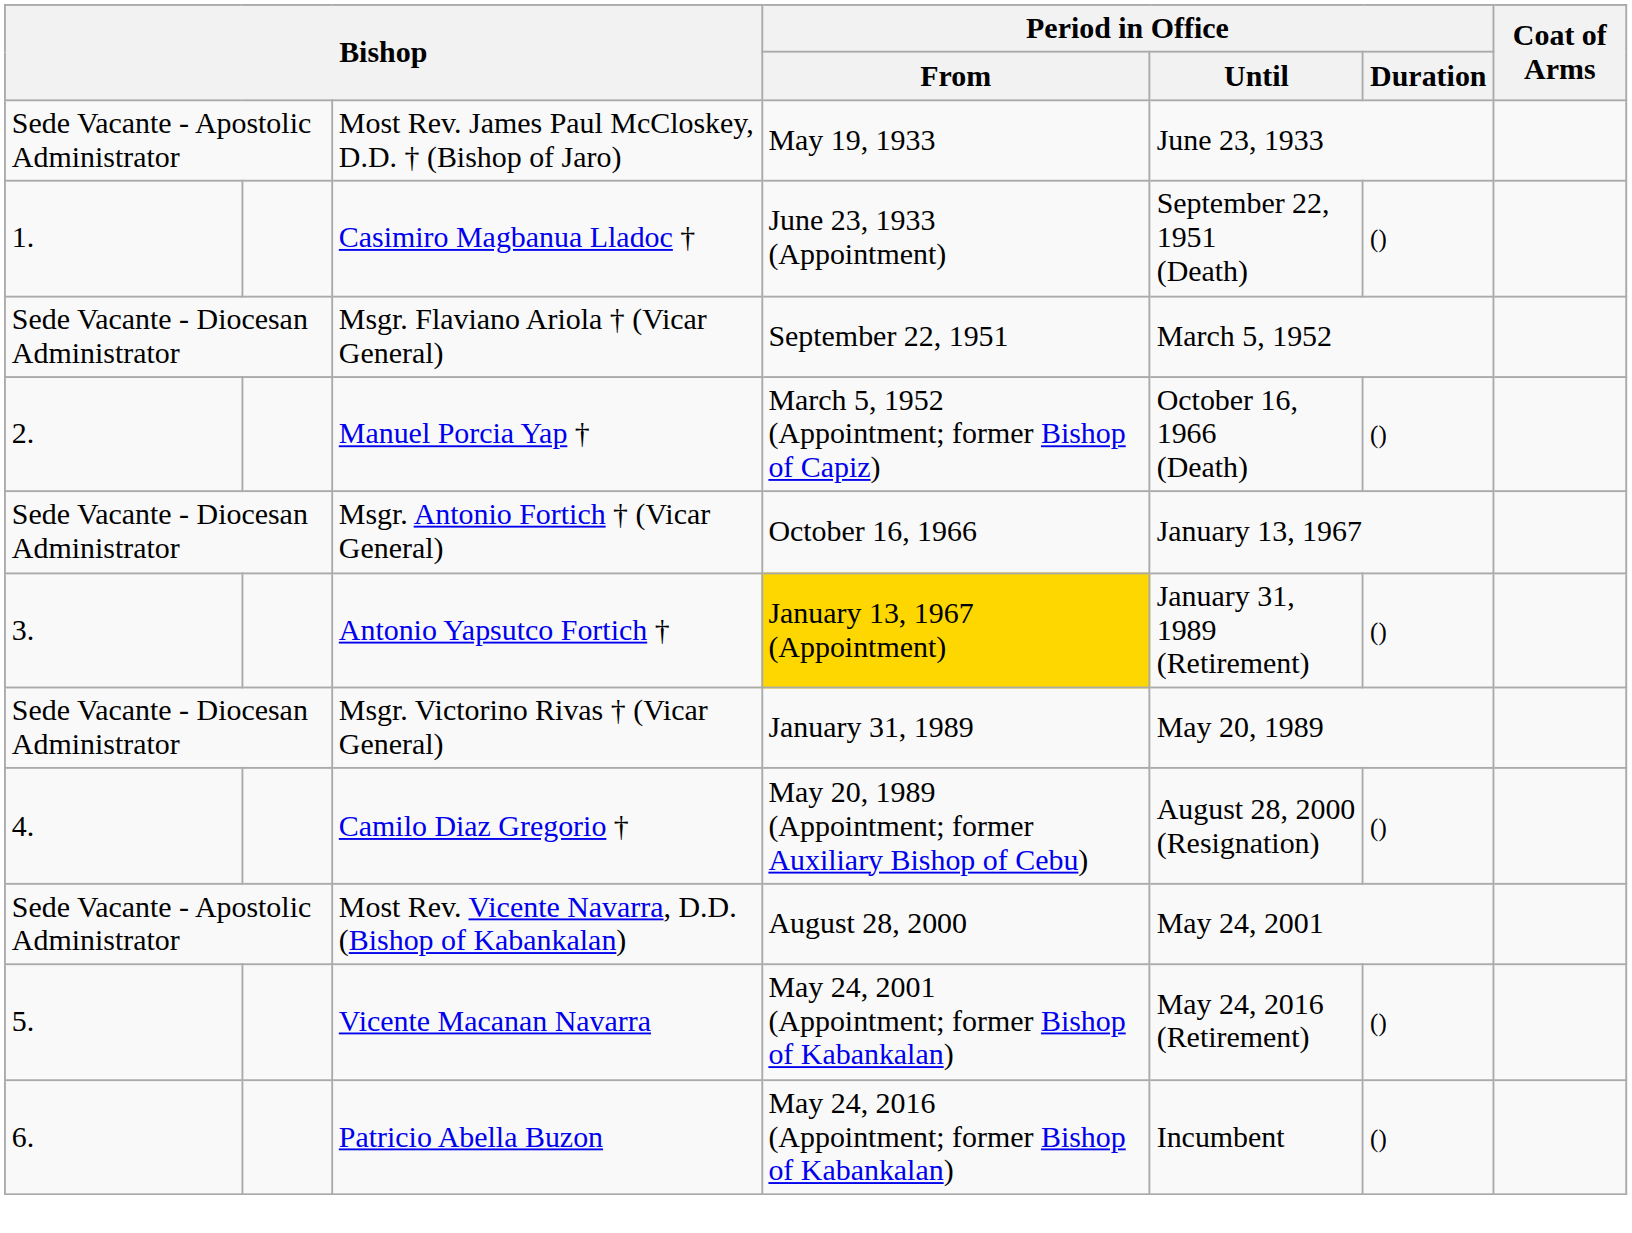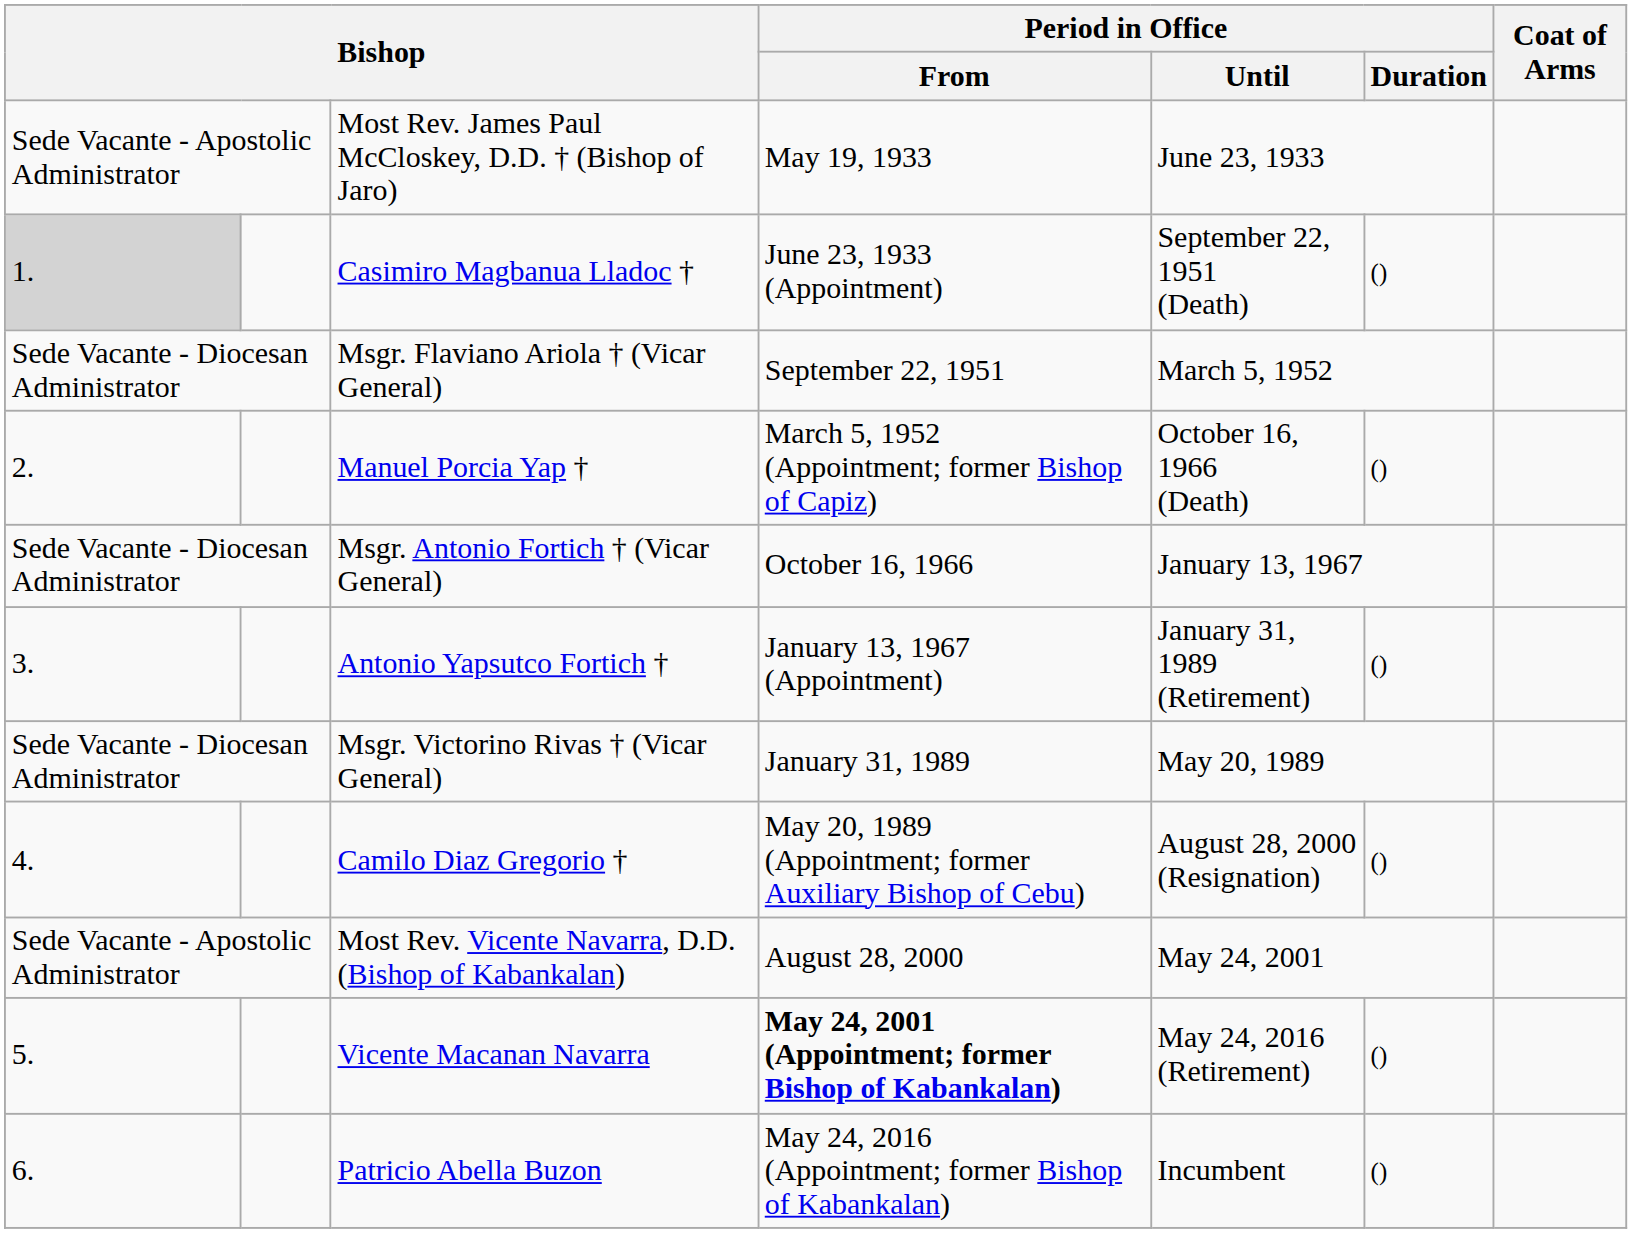 <table class="wikitable">
 <tr>
 <th colspan="3" rowspan="2">Bishop</th>
 <th colspan="3">Period in Office</th>
 <th rowspan="2">Coat of Arms</th>
 </tr>
 <tr>
 <th>From</th>
 <th>Until</th>
 <th>Duration</th>
 </tr>
 <tr>
 <td colspan="2">Sede Vacante - Apostolic Administrator</td>
 <td>Most Rev. James Paul McCloskey, D.D. † (Bishop of Jaro)</td>
 <td>May 19, 1933</td>
 <td colspan="2">June 23, 1933</td>
 <td></td>
 </tr>
 <tr>
-<td>1.</td>
+<td style="background: lightgrey;">1.</td>
 <td></td>
 <td><a href='#'>Casimiro Magbanua Lladoc</a> †</td>
 <td>June 23, 1933<br>(Appointment)</td>
 <td>September 22, 1951<br>(Death)</td>
 <td><small>()</small></td>
 <td></td>
 </tr>
 <tr>
 <td colspan="2">Sede Vacante - Diocesan Administrator</td>
 <td>Msgr. Flaviano Ariola † (Vicar General)</td>
 <td>September 22, 1951</td>
 <td colspan="2">March 5, 1952</td>
 <td></td>
 </tr>
 <tr>
 <td>2.</td>
 <td></td>
 <td><a href='#'>Manuel Porcia Yap</a> †</td>
 <td>March 5, 1952<br>(Appointment; former <a href='#'>Bishop of Capiz</a>)</td>
 <td>October 16, 1966<br>(Death)</td>
 <td><small>()</small></td>
 <td></td>
 </tr>
 <tr>
 <td colspan="2">Sede Vacante - Diocesan Administrator</td>
 <td>Msgr. <a href='#'>Antonio Fortich</a> † (Vicar General)</td>
 <td>October 16, 1966</td>
 <td colspan="2">January 13, 1967</td>
 <td></td>
 </tr>
 <tr>
 <td>3.</td>
 <td></td>
 <td><a href='#'>Antonio Yapsutco Fortich</a> †</td>
-<td style="background: gold;">January 13, 1967<br>(Appointment)</td>
+<td>January 13, 1967<br>(Appointment)</td>
 <td>January 31, 1989 <br>(Retirement)</td>
 <td><small>()</small></td>
 <td></td>
 </tr>
 <tr>
 <td colspan="2">Sede Vacante - Diocesan Administrator</td>
 <td>Msgr. Victorino Rivas † (Vicar General)</td>
 <td>January 31, 1989</td>
 <td colspan="2">May 20, 1989</td>
 <td></td>
 </tr>
 <tr>
 <td>4.</td>
 <td></td>
 <td><a href='#'>Camilo Diaz Gregorio</a> †</td>
 <td>May 20, 1989<br>(Appointment; former <a href='#'>Auxiliary Bishop of Cebu</a>)</td>
 <td>August 28, 2000 <br>(Resignation)</td>
 <td><small>()</small></td>
 <td></td>
 </tr>
 <tr>
 <td colspan="2">Sede Vacante - Apostolic Administrator</td>
 <td>Most Rev. <a href='#'>Vicente Navarra</a>, D.D. (<a href='#'>Bishop of Kabankalan</a>)</td>
 <td>August 28, 2000</td>
 <td colspan="2">May 24, 2001</td>
 <td></td>
 </tr>
 <tr>
 <td>5.</td>
 <td></td>
 <td><a href='#'>Vicente Macanan Navarra</a></td>
-<td>May 24, 2001<br>(Appointment; former <a href='#'>Bishop of Kabankalan</a>)</td>
+<td><strong>May 24, 2001<br>(Appointment; former <a href='#'>Bishop of Kabankalan</a>)</strong></td>
 <td>May 24, 2016 <br>(Retirement)</td>
 <td><small>()</small></td>
 <td></td>
 </tr>
 <tr>
 <td>6.</td>
 <td></td>
 <td><a href='#'>Patricio Abella Buzon</a></td>
 <td>May 24, 2016<br>(Appointment; former <a href='#'>Bishop of Kabankalan</a>)</td>
 <td>Incumbent</td>
 <td><small>()</small></td>
 <td></td>
 </tr>
 </table>
